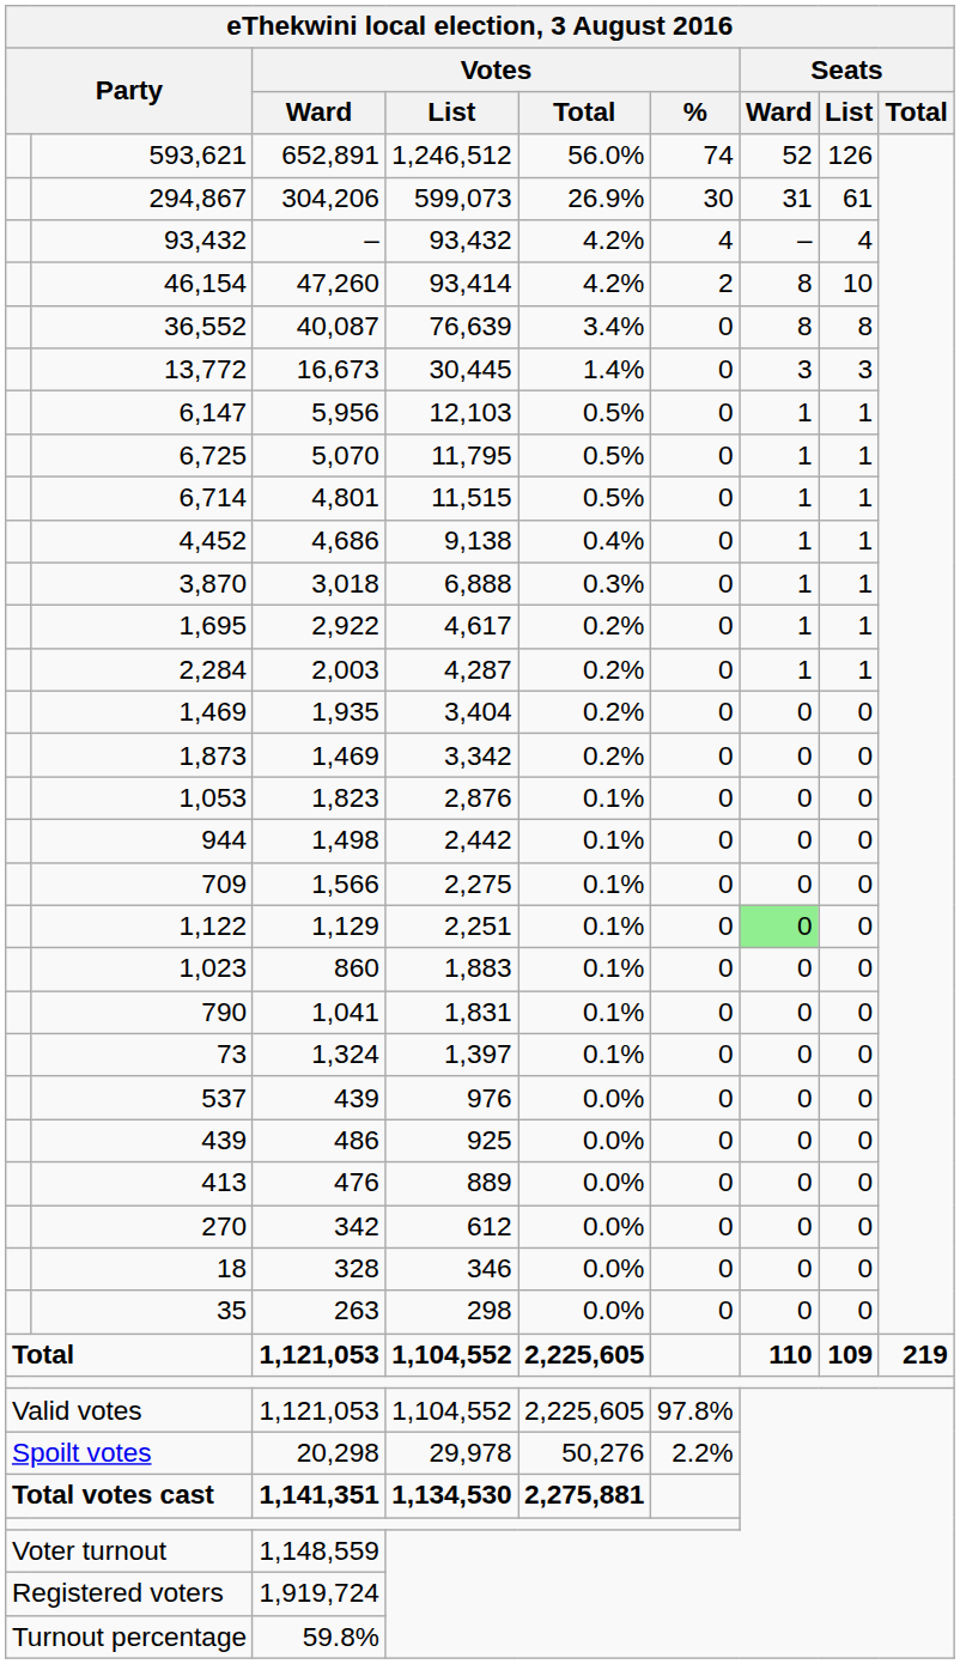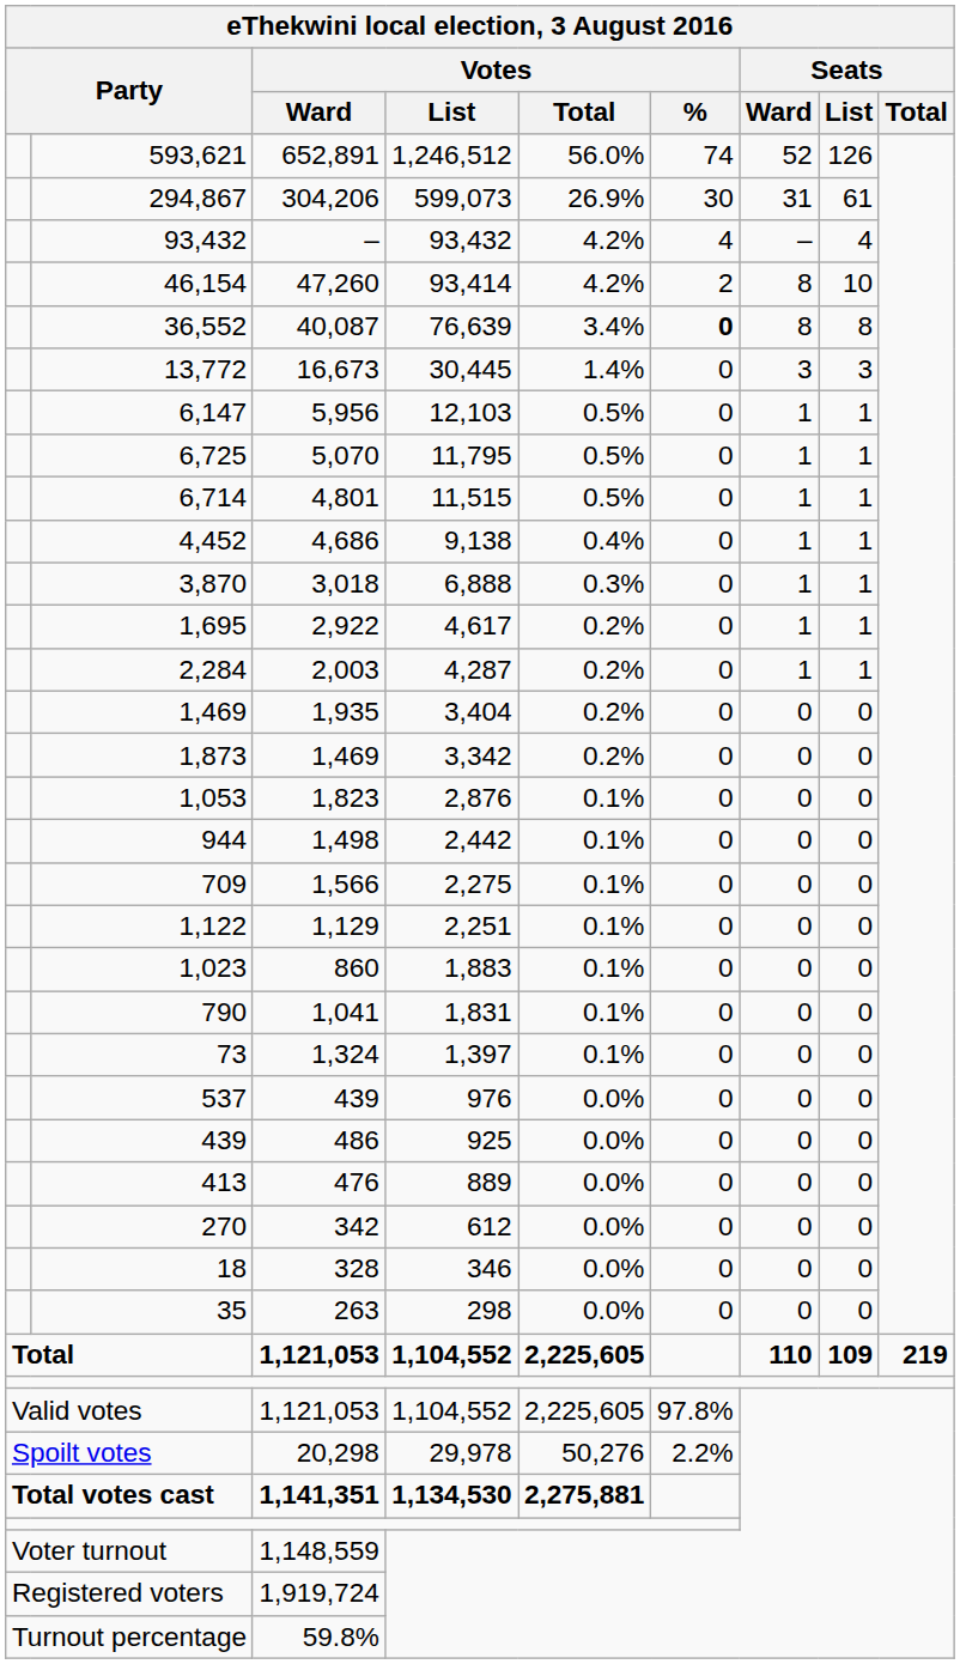 <table class=wikitable style="text-align:right">
 <tr>
 <th colspan="9" align="center">eThekwini local election, 3 August 2016</th>
 </tr>
 <tr>
 <th rowspan="2" colspan="2">Party</th>
 <th colspan="4" align="center">Votes</th>
 <th colspan="3" align="center">Seats</th>
 </tr>
 <tr>
 <th>Ward</th>
 <th>List</th>
 <th>Total</th>
 <th>%</th>
 <th>Ward</th>
 <th>List</th>
 <th>Total</th>
 </tr>
 <tr>
 <td></td>
 <td>593,621</td>
 <td>652,891</td>
 <td>1,246,512</td>
 <td>56.0%</td>
 <td>74</td>
 <td>52</td>
 <td>126</td>
 </tr>
 <tr>
 <td></td>
 <td>294,867</td>
 <td>304,206</td>
 <td>599,073</td>
 <td>26.9%</td>
 <td>30</td>
 <td>31</td>
 <td>61</td>
 </tr>
 <tr>
 <td></td>
 <td>93,432</td>
 <td>–</td>
 <td>93,432</td>
 <td>4.2%</td>
 <td>4</td>
 <td>–</td>
 <td>4</td>
 </tr>
 <tr>
 <td></td>
 <td>46,154</td>
 <td>47,260</td>
 <td>93,414</td>
 <td>4.2%</td>
 <td>2</td>
 <td>8</td>
 <td>10</td>
 </tr>
 <tr>
 <td></td>
 <td>36,552</td>
 <td>40,087</td>
 <td>76,639</td>
 <td>3.4%</td>
-<td>0</td>
+<td><strong>0</strong></td>
 <td>8</td>
 <td>8</td>
 </tr>
 <tr>
 <td></td>
 <td>13,772</td>
 <td>16,673</td>
 <td>30,445</td>
 <td>1.4%</td>
 <td>0</td>
 <td>3</td>
 <td>3</td>
 </tr>
 <tr>
 <td></td>
 <td>6,147</td>
 <td>5,956</td>
 <td>12,103</td>
 <td>0.5%</td>
 <td>0</td>
 <td>1</td>
 <td>1</td>
 </tr>
 <tr>
 <td></td>
 <td>6,725</td>
 <td>5,070</td>
 <td>11,795</td>
 <td>0.5%</td>
 <td>0</td>
 <td>1</td>
 <td>1</td>
 </tr>
 <tr>
 <td></td>
 <td>6,714</td>
 <td>4,801</td>
 <td>11,515</td>
 <td>0.5%</td>
 <td>0</td>
 <td>1</td>
 <td>1</td>
 </tr>
 <tr>
 <td></td>
 <td>4,452</td>
 <td>4,686</td>
 <td>9,138</td>
 <td>0.4%</td>
 <td>0</td>
 <td>1</td>
 <td>1</td>
 </tr>
 <tr>
 <td></td>
 <td>3,870</td>
 <td>3,018</td>
 <td>6,888</td>
 <td>0.3%</td>
 <td>0</td>
 <td>1</td>
 <td>1</td>
 </tr>
 <tr>
 <td></td>
 <td>1,695</td>
 <td>2,922</td>
 <td>4,617</td>
 <td>0.2%</td>
 <td>0</td>
 <td>1</td>
 <td>1</td>
 </tr>
 <tr>
 <td></td>
 <td>2,284</td>
 <td>2,003</td>
 <td>4,287</td>
 <td>0.2%</td>
 <td>0</td>
 <td>1</td>
 <td>1</td>
 </tr>
 <tr>
 <td></td>
 <td>1,469</td>
 <td>1,935</td>
 <td>3,404</td>
 <td>0.2%</td>
 <td>0</td>
 <td>0</td>
 <td>0</td>
 </tr>
 <tr>
 <td></td>
 <td>1,873</td>
 <td>1,469</td>
 <td>3,342</td>
 <td>0.2%</td>
 <td>0</td>
 <td>0</td>
 <td>0</td>
 </tr>
 <tr>
 <td></td>
 <td>1,053</td>
 <td>1,823</td>
 <td>2,876</td>
 <td>0.1%</td>
 <td>0</td>
 <td>0</td>
 <td>0</td>
 </tr>
 <tr>
 <td></td>
 <td>944</td>
 <td>1,498</td>
 <td>2,442</td>
 <td>0.1%</td>
 <td>0</td>
 <td>0</td>
 <td>0</td>
 </tr>
 <tr>
 <td></td>
 <td>709</td>
 <td>1,566</td>
 <td>2,275</td>
 <td>0.1%</td>
 <td>0</td>
 <td>0</td>
 <td>0</td>
 </tr>
 <tr>
 <td></td>
 <td>1,122</td>
 <td>1,129</td>
 <td>2,251</td>
 <td>0.1%</td>
 <td>0</td>
-<td style="background: lightgreen;">0</td>
+<td>0</td>
 <td>0</td>
 </tr>
 <tr>
 <td></td>
 <td>1,023</td>
 <td>860</td>
 <td>1,883</td>
 <td>0.1%</td>
 <td>0</td>
 <td>0</td>
 <td>0</td>
 </tr>
 <tr>
 <td></td>
 <td>790</td>
 <td>1,041</td>
 <td>1,831</td>
 <td>0.1%</td>
 <td>0</td>
 <td>0</td>
 <td>0</td>
 </tr>
 <tr>
 <td></td>
 <td>73</td>
 <td>1,324</td>
 <td>1,397</td>
 <td>0.1%</td>
 <td>0</td>
 <td>0</td>
 <td>0</td>
 </tr>
 <tr>
 <td></td>
 <td>537</td>
 <td>439</td>
 <td>976</td>
 <td>0.0%</td>
 <td>0</td>
 <td>0</td>
 <td>0</td>
 </tr>
 <tr>
 <td></td>
 <td>439</td>
 <td>486</td>
 <td>925</td>
 <td>0.0%</td>
 <td>0</td>
 <td>0</td>
 <td>0</td>
 </tr>
 <tr>
 <td></td>
 <td>413</td>
 <td>476</td>
 <td>889</td>
 <td>0.0%</td>
 <td>0</td>
 <td>0</td>
 <td>0</td>
 </tr>
 <tr>
 <td></td>
 <td>270</td>
 <td>342</td>
 <td>612</td>
 <td>0.0%</td>
 <td>0</td>
 <td>0</td>
 <td>0</td>
 </tr>
 <tr>
 <td></td>
 <td>18</td>
 <td>328</td>
 <td>346</td>
 <td>0.0%</td>
 <td>0</td>
 <td>0</td>
 <td>0</td>
 </tr>
 <tr>
 <td></td>
 <td>35</td>
 <td>263</td>
 <td>298</td>
 <td>0.0%</td>
 <td>0</td>
 <td>0</td>
 <td>0</td>
 </tr>
 <tr>
 <td colspan="2" style="text-align:left"><strong>Total</strong></td>
 <td><strong>1,121,053</strong></td>
 <td><strong>1,104,552</strong></td>
 <td><strong>2,225,605</strong></td>
 <td></td>
 <td><strong>110</strong></td>
 <td><strong>109</strong></td>
 <td><strong>219</strong></td>
 </tr>
 <tr>
 <td colspan="9"></td>
 </tr>
 <tr>
 <td colspan="2" style="text-align:left">Valid votes</td>
 <td>1,121,053</td>
 <td>1,104,552</td>
 <td>2,225,605</td>
 <td>97.8%</td>
 </tr>
 <tr>
 <td colspan="2" style="text-align:left"><a href='#'>Spoilt votes</a></td>
 <td>20,298</td>
 <td>29,978</td>
 <td>50,276</td>
 <td>2.2%</td>
 </tr>
 <tr>
 <td colspan="2" style="text-align:left"><strong>Total votes cast</strong></td>
 <td><strong>1,141,351</strong></td>
 <td><strong>1,134,530</strong></td>
 <td><strong>2,275,881</strong></td>
 <td></td>
 </tr>
 <tr>
 <td colspan="6"></td>
 </tr>
 <tr>
 <td colspan="2" style="text-align:left">Voter turnout</td>
 <td>1,148,559</td>
 </tr>
 <tr>
 <td colspan="2" style="text-align:left">Registered voters</td>
 <td>1,919,724</td>
 </tr>
 <tr>
 <td colspan="2" style="text-align:left">Turnout percentage</td>
 <td>59.8%</td>
 </tr>
 </table>
